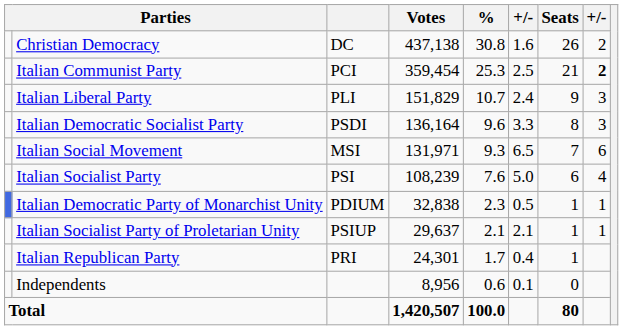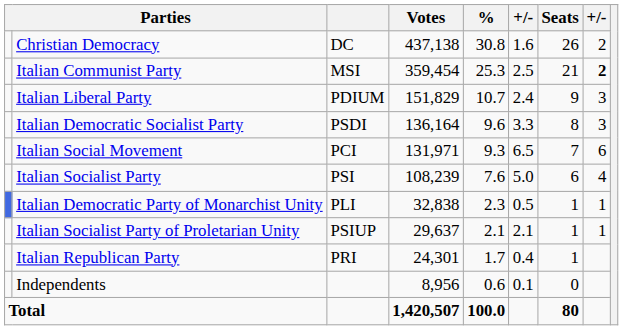 <table class="wikitable">
 <tr>
 <th colspan="2">Parties</th>
 <th></th>
 <th>Votes</th>
 <th>%</th>
 <th>+/-</th>
 <th>Seats</th>
 <th>+/-</th>
 <th rowspan="13"></th>
 </tr>
 <tr>
 <td style="background-color:"></td>
 <td><a href='#'>Christian Democracy</a></td>
 <td>DC</td>
 <td align=right>437,138</td>
 <td align=right>30.8</td>
 <td align=right> 1.6</td>
 <td align=right>26</td>
 <td align=right> 2</td>
 </tr>
 <tr>
 <td style="background-color:"></td>
 <td><a href='#'>Italian Communist Party</a></td>
-<td>PCI</td>
+<td>MSI</td>
 <td align=right>359,454</td>
 <td align=right>25.3</td>
 <td align=right> 2.5</td>
 <td align=right>21</td>
 <td align=right><strong> 2</strong></td>
 </tr>
 <tr>
 <td style="background-color:"></td>
 <td><a href='#'>Italian Liberal Party</a></td>
-<td>PLI</td>
+<td>PDIUM</td>
 <td align=right>151,829</td>
 <td align=right>10.7</td>
 <td align=right> 2.4</td>
 <td align=right>9</td>
 <td align=right> 3</td>
 </tr>
 <tr>
 <td style="background-color:"></td>
 <td><a href='#'>Italian Democratic Socialist Party</a></td>
 <td>PSDI</td>
 <td align=right>136,164</td>
 <td align=right>9.6</td>
 <td align=right> 3.3</td>
 <td align=right>8</td>
 <td align=right> 3</td>
 </tr>
 <tr>
 <td style="background-color:"></td>
 <td><a href='#'>Italian Social Movement</a></td>
-<td>MSI</td>
+<td>PCI</td>
 <td align=right>131,971</td>
 <td align=right>9.3</td>
 <td align=right> 6.5</td>
 <td align=right>7</td>
 <td align=right> 6</td>
 </tr>
 <tr>
 <td style="background-color:"></td>
 <td><a href='#'>Italian Socialist Party</a></td>
 <td>PSI</td>
 <td align=right>108,239</td>
 <td align=right>7.6</td>
 <td align=right> 5.0</td>
 <td align=right>6</td>
 <td align=right> 4</td>
 </tr>
 <tr>
 <td style="background-color:royalblue"></td>
 <td><a href='#'>Italian Democratic Party of Monarchist Unity</a></td>
-<td>PDIUM</td>
+<td>PLI</td>
 <td align=right>32,838</td>
 <td align=right>2.3</td>
 <td align=right> 0.5</td>
 <td align=right>1</td>
 <td align=right> 1</td>
 </tr>
 <tr>
 <td style="background-color:"></td>
 <td><a href='#'>Italian Socialist Party of Proletarian Unity</a></td>
 <td>PSIUP</td>
 <td align=right>29,637</td>
 <td align=right>2.1</td>
 <td align=right> 2.1</td>
 <td align=right>1</td>
 <td align=right> 1</td>
 </tr>
 <tr>
 <td style="background-color:"></td>
 <td><a href='#'>Italian Republican Party</a></td>
 <td>PRI</td>
 <td align=right>24,301</td>
 <td align=right>1.7</td>
 <td align=right> 0.4</td>
 <td align=right>1</td>
 <td align=right></td>
 </tr>
 <tr>
 <td style="background-color:"></td>
 <td>Independents</td>
 <td></td>
 <td align=right>8,956</td>
 <td align=right>0.6</td>
 <td align=right> 0.1</td>
 <td align=right>0</td>
 <td align=right></td>
 </tr>
 <tr>
 <td colspan="2"><strong>Total</strong></td>
 <td></td>
 <td align=right><strong>1,420,507</strong></td>
 <td align=right><strong>100.0</strong></td>
 <td></td>
 <td align=right><strong>80</strong></td>
 <td></td>
 </tr>
 </table>
